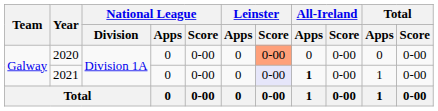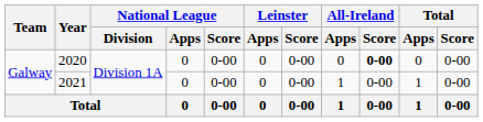 <table class="wikitable" style="text-align:center">
 <tr>
 <th rowspan="2">Team</th>
 <th rowspan="2">Year</th>
 <th colspan="3"><a href='#'>National League</a></th>
 <th colspan="2"><a href='#'>Leinster</a></th>
 <th colspan="2"><a href='#'>All-Ireland</a></th>
 <th colspan="2">Total</th>
 </tr>
 <tr>
 <th>Division</th>
 <th>Apps</th>
 <th>Score</th>
 <th>Apps</th>
 <th>Score</th>
 <th>Apps</th>
 <th>Score</th>
 <th>Apps</th>
 <th>Score</th>
 </tr>
 <tr>
 <td rowspan="2"><a href='#'>Galway</a></td>
 <td>2020</td>
 <td rowspan="2"><a href='#'>Division 1A</a></td>
 <td>0</td>
 <td>0-00</td>
 <td>0</td>
-<td style="background: lightsalmon;">0-00</td>
+<td>0-00</td>
 <td>0</td>
-<td>0-00</td>
+<td><strong>0-00</strong></td>
 <td>0</td>
 <td>0-00</td>
 </tr>
 <tr>
 <td>2021</td>
 <td>0</td>
 <td>0-00</td>
 <td>0</td>
-<td style="background: lavender;">0-00</td>
-<td><strong>1</strong></td>
+<td>0-00</td>
+<td>1</td>
 <td>0-00</td>
 <td>1</td>
 <td>0-00</td>
 </tr>
 <tr>
 <th colspan="3">Total</th>
 <th>0</th>
 <th>0-00</th>
 <th>0</th>
 <th>0-00</th>
 <th>1</th>
 <th>0-00</th>
 <th>1</th>
 <th>0-00</th>
 </tr>
 </table>
